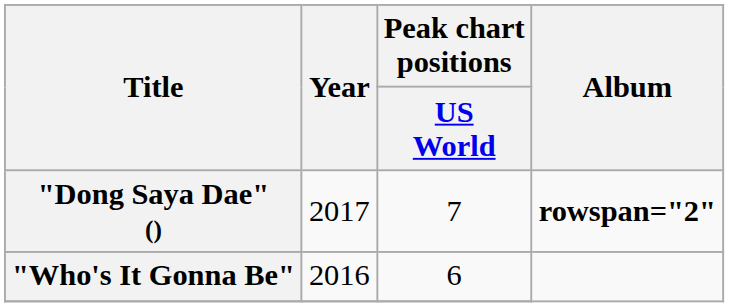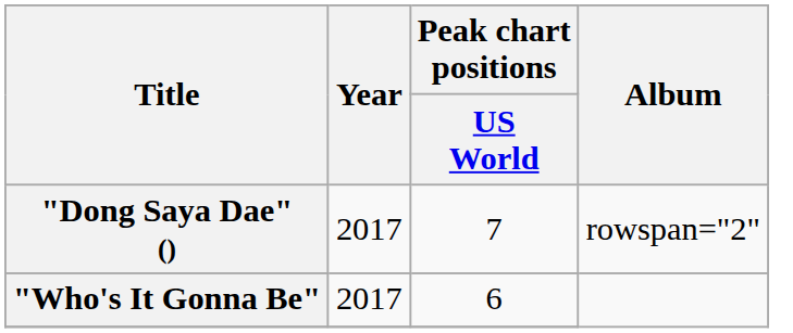 <table class="wikitable plainrowheaders" style="text-align:center;">
 <tr>
 <th scope="col" rowspan="2">Title</th>
 <th scope="col" rowspan="2">Year</th>
 <th scope="col" colspan="1">Peak chart <br> positions</th>
 <th scope="col" rowspan="2">Album</th>
 </tr>
 <tr>
 <th><a href='#'>US<br>World</a></th>
 </tr>
 <tr>
 <th scope="row">"Dong Saya Dae"<br><small>()</small></th>
 <td>2017</td>
 <td>7</td>
-<td><strong>rowspan="2" </strong></td>
+<td>rowspan="2" </td>
 </tr>
 <tr>
 <th scope="row">"Who's It Gonna Be"</th>
-<td>2016</td>
+<td>2017</td>
 <td>6</td>
 </tr>
 <tr>
 </tr>
 </table>
